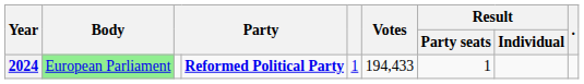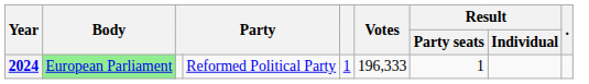 <table class="wikitable plainrowheaders sortable" border=2 cellpadding=4 cellspacing=0 style="border: 1px #aaa solid; font-size: 90%; text-align:center;">
 <tr>
 <th scope="col" rowspan=2>Year</th>
 <th scope="col" rowspan=2>Body</th>
 <th scope="col" colspan=2 rowspan=2>Party</th>
 <th scope="col" rowspan=2></th>
 <th scope="col" rowspan=2>Votes</th>
 <th scope="colgroup" colspan=2>Result</th>
 <th scope="col" rowspan=2>.</th>
 </tr>
 <tr>
 <th scope="col">Party seats</th>
 <th scope="col">Individual</th>
 </tr>
 <tr>
 <th scope="row"><a href='#'>2024</a></th>
 <td style="background: lightgreen;"><a href='#'>European Parliament</a></td>
 <td style="background-color:"></td>
-<td><strong><a href='#'>Reformed Political Party</a></strong></td>
+<td><a href='#'>Reformed Political Party</a></td>
 <td style=text-align:right><a href='#'>1</a></td>
-<td style=text-align:right>194,433</td>
+<td style=text-align:right>196,333</td>
 <td style=text-align:right>1</td>
 <td></td>
 <td></td>
 </tr>
 </table>
